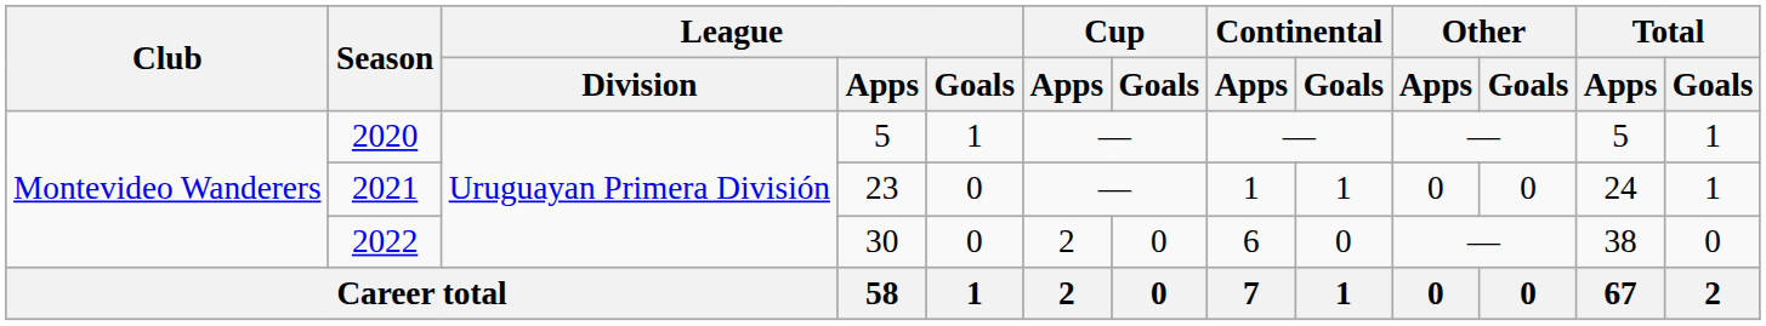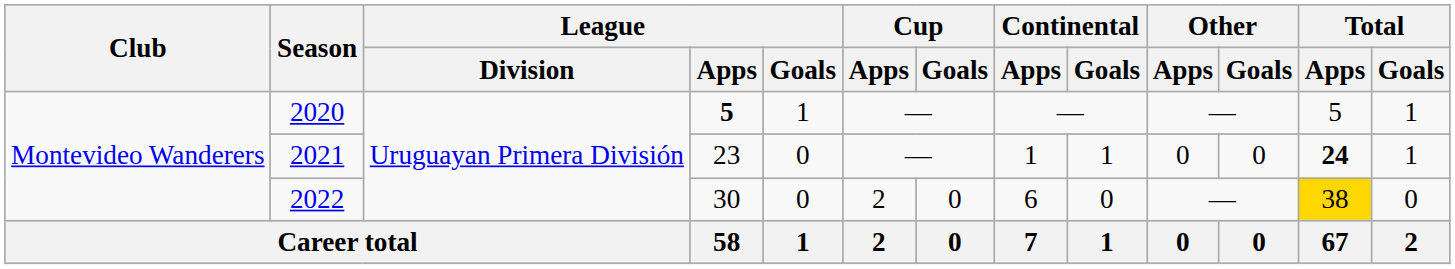 <table class="wikitable" Style="text-align: center">
 <tr>
 <th rowspan="2">Club</th>
 <th rowspan="2">Season</th>
 <th colspan="3">League</th>
 <th colspan="2">Cup</th>
 <th colspan="2">Continental</th>
 <th colspan="2">Other</th>
 <th colspan="2">Total</th>
 </tr>
 <tr>
 <th>Division</th>
 <th>Apps</th>
 <th>Goals</th>
 <th>Apps</th>
 <th>Goals</th>
 <th>Apps</th>
 <th>Goals</th>
 <th>Apps</th>
 <th>Goals</th>
 <th>Apps</th>
 <th>Goals</th>
 </tr>
 <tr>
 <td rowspan="3"><a href='#'>Montevideo Wanderers</a></td>
 <td><a href='#'>2020</a></td>
 <td rowspan="3"><a href='#'>Uruguayan Primera División</a></td>
-<td>5</td>
+<td><strong>5</strong></td>
 <td>1</td>
 <td colspan="2">—</td>
 <td colspan="2">—</td>
 <td colspan="2">—</td>
 <td>5</td>
 <td>1</td>
 </tr>
 <tr>
 <td><a href='#'>2021</a></td>
 <td>23</td>
 <td>0</td>
 <td colspan="2">—</td>
 <td>1</td>
 <td>1</td>
 <td>0</td>
 <td>0</td>
-<td>24</td>
+<td><strong>24</strong></td>
 <td>1</td>
 </tr>
 <tr>
 <td><a href='#'>2022</a></td>
 <td>30</td>
 <td>0</td>
 <td>2</td>
 <td>0</td>
 <td>6</td>
 <td>0</td>
 <td colspan="2">—</td>
-<td>38</td>
+<td style="background: gold;">38</td>
 <td>0</td>
 </tr>
 <tr>
 <th colspan="3">Career total</th>
 <th>58</th>
 <th>1</th>
 <th>2</th>
 <th>0</th>
 <th>7</th>
 <th>1</th>
 <th>0</th>
 <th>0</th>
 <th>67</th>
 <th>2</th>
 </tr>
 </table>
